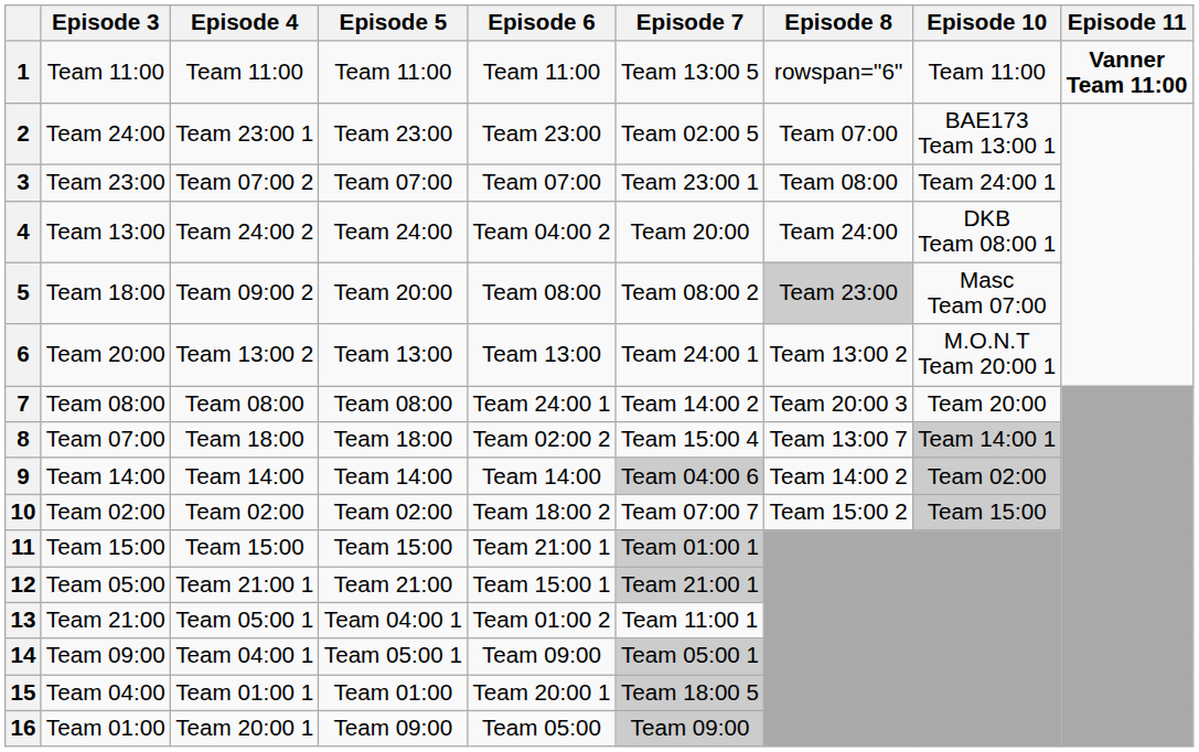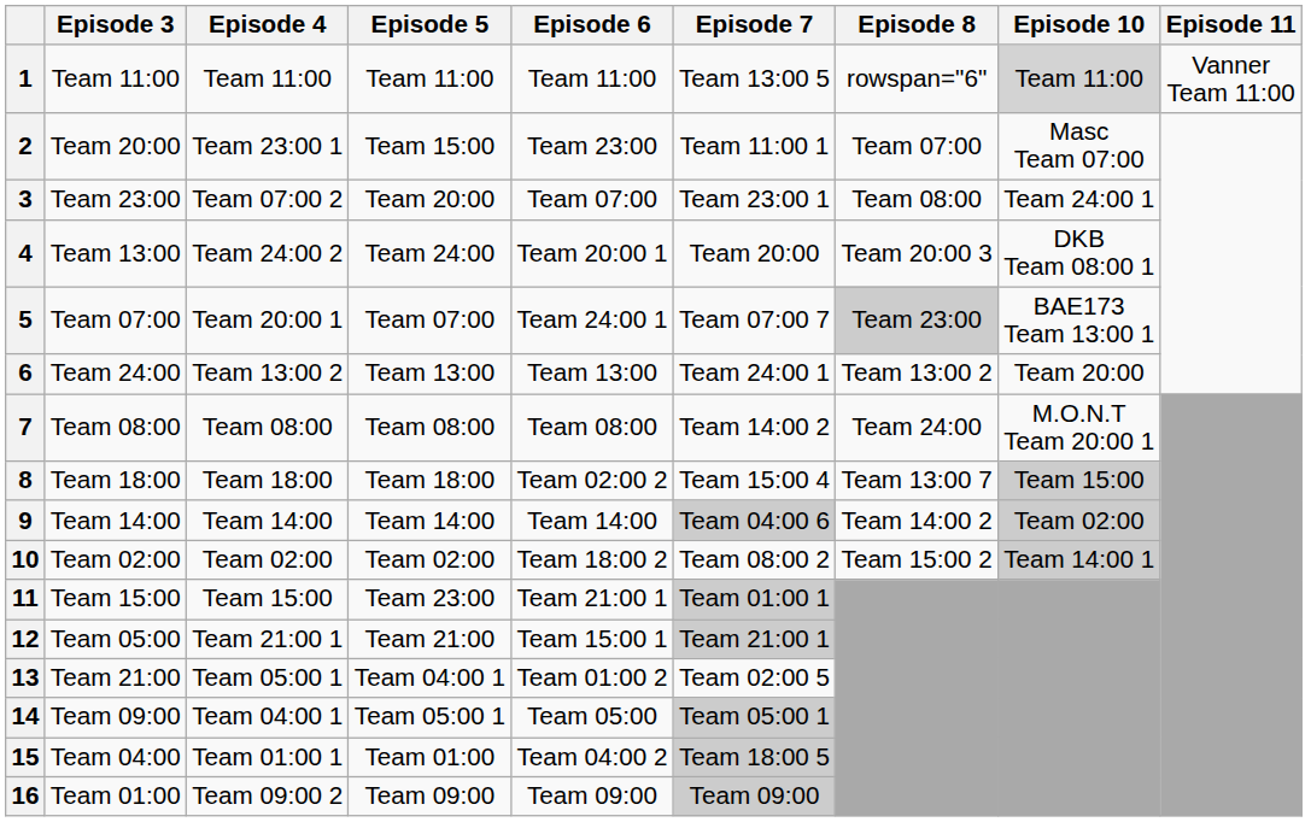 <table class="wikitable sortable" style="text-align:center; ">
 <tr>
 <th></th>
 <th>Episode 3</th>
 <th>Episode 4</th>
 <th>Episode 5</th>
 <th>Episode 6</th>
 <th>Episode 7</th>
 <th>Episode 8</th>
 <th>Episode 10</th>
 <th>Episode 11</th>
 </tr>
 <tr>
 <th>1</th>
 <td>Team 11:00</td>
 <td>Team 11:00 </td>
 <td>Team 11:00 </td>
 <td>Team 11:00 </td>
 <td>Team 13:00 5</td>
 <td>rowspan="6" </td>
-<td>Team 11:00</td>
-<td><strong>Vanner<br>Team 11:00  </strong></td>
+<td style="background: lightgrey;">Team 11:00</td>
+<td>Vanner<br>Team 11:00  </td>
 </tr>
 <tr>
 <th>2</th>
-<td>Team 24:00</td>
+<td>Team 20:00</td>
 <td>Team 23:00 1</td>
+<td>Team 15:00 </td>
 <td>Team 23:00 </td>
-<td>Team 23:00 </td>
-<td>Team 02:00 5</td>
+<td>Team 11:00 1</td>
 <td>Team 07:00</td>
-<td>BAE173<br>Team 13:00 1</td>
+<td>Masc<br>Team 07:00  </td>
 </tr>
 <tr>
 <th>3</th>
 <td>Team 23:00</td>
 <td>Team 07:00 2</td>
-<td>Team 07:00 </td>
+<td>Team 20:00 </td>
 <td>Team 07:00 </td>
 <td>Team 23:00 1</td>
 <td>Team 08:00</td>
 <td>Team 24:00 1</td>
 </tr>
 <tr>
 <th>4</th>
 <td>Team 13:00</td>
 <td>Team 24:00 2</td>
 <td>Team 24:00 </td>
-<td>Team 04:00 2</td>
+<td>Team 20:00 1</td>
 <td>Team 20:00 </td>
-<td>Team 24:00</td>
+<td>Team 20:00 3</td>
 <td>DKB<br>Team 08:00 1</td>
 </tr>
 <tr>
 <th>5</th>
-<td>Team 18:00</td>
-<td>Team 09:00 2</td>
-<td>Team 20:00 </td>
-<td>Team 08:00 </td>
-<td>Team 08:00 2</td>
+<td>Team 07:00</td>
+<td>Team 20:00 1</td>
+<td>Team 07:00 </td>
+<td>Team 24:00 1</td>
+<td>Team 07:00 7</td>
 <td style="background:#CCCCCC">Team 23:00</td>
-<td>Masc<br>Team 07:00  </td>
+<td>BAE173<br>Team 13:00 1</td>
 </tr>
 <tr>
 <th>6</th>
-<td>Team 20:00</td>
+<td>Team 24:00</td>
 <td>Team 13:00 2</td>
 <td>Team 13:00 </td>
 <td>Team 13:00 </td>
 <td>Team 24:00 1</td>
 <td>Team 13:00 2</td>
-<td>M.O.N.T<br>Team 20:00 1</td>
+<td>Team 20:00 </td>
 </tr>
 <tr>
 <th>7</th>
 <td>Team 08:00</td>
 <td>Team 08:00 </td>
 <td>Team 08:00 </td>
-<td>Team 24:00 1</td>
+<td>Team 08:00 </td>
 <td>Team 14:00 2</td>
-<td>Team 20:00 3</td>
-<td>Team 20:00 </td>
+<td>Team 24:00</td>
+<td>M.O.N.T<br>Team 20:00 1</td>
 <td rowspan="10" style="background:darkgray"></td>
 </tr>
 <tr>
 <th>8</th>
-<td>Team 07:00</td>
+<td>Team 18:00</td>
 <td>Team 18:00 </td>
 <td>Team 18:00 </td>
 <td>Team 02:00 2</td>
 <td>Team 15:00 4</td>
 <td>Team 13:00 7</td>
-<td style="background:#CCCCCC">Team 14:00 1</td>
+<td style="background:#CCCCCC">Team 15:00 </td>
 </tr>
 <tr>
 <th>9</th>
 <td>Team 14:00</td>
 <td>Team 14:00 </td>
 <td>Team 14:00 </td>
 <td>Team 14:00 </td>
 <td style="background:#CCCCCC">Team 04:00 6</td>
 <td>Team 14:00 2</td>
 <td style="background:#CCCCCC">Team 02:00</td>
 </tr>
 <tr>
 <th>10</th>
 <td>Team 02:00</td>
 <td>Team 02:00 </td>
 <td>Team 02:00 </td>
 <td>Team 18:00 2</td>
-<td>Team 07:00 7</td>
+<td>Team 08:00 2</td>
 <td>Team 15:00 2</td>
-<td style="background:#CCCCCC">Team 15:00 </td>
+<td style="background:#CCCCCC">Team 14:00 1</td>
 </tr>
 <tr>
 <th>11</th>
 <td>Team 15:00</td>
 <td>Team 15:00 </td>
-<td>Team 15:00 </td>
+<td>Team 23:00 </td>
 <td>Team 21:00 1</td>
 <td style="background:#CCCCCC">Team 01:00 1</td>
 <td rowspan="6" style="background:darkgray"></td>
 <td rowspan="6" style="background:darkgray"></td>
 </tr>
 <tr>
 <th>12</th>
 <td>Team 05:00</td>
 <td>Team 21:00 1</td>
 <td>Team 21:00 </td>
 <td>Team 15:00 1</td>
 <td style="background:#CCCCCC">Team 21:00 1</td>
 </tr>
 <tr>
 <th>13</th>
 <td>Team 21:00</td>
 <td>Team 05:00 1</td>
 <td>Team 04:00 1</td>
 <td>Team 01:00 2</td>
-<td>Team 11:00 1</td>
+<td>Team 02:00 5</td>
 </tr>
 <tr>
 <th>14</th>
 <td>Team 09:00</td>
 <td>Team 04:00 1</td>
 <td>Team 05:00 1</td>
-<td>Team 09:00 </td>
+<td>Team 05:00 </td>
 <td style="background:#CCCCCC">Team 05:00 1</td>
 </tr>
 <tr>
 <th>15</th>
 <td>Team 04:00</td>
 <td>Team 01:00 1</td>
 <td>Team 01:00 </td>
-<td>Team 20:00 1</td>
+<td>Team 04:00 2</td>
 <td style="background:#CCCCCC">Team 18:00 5</td>
 </tr>
 <tr>
 <th>16</th>
 <td>Team 01:00</td>
-<td>Team 20:00 1</td>
+<td>Team 09:00 2</td>
 <td>Team 09:00 </td>
-<td>Team 05:00 </td>
+<td>Team 09:00 </td>
 <td style="background:#CCCCCC">Team 09:00 </td>
 </tr>
 </table>
